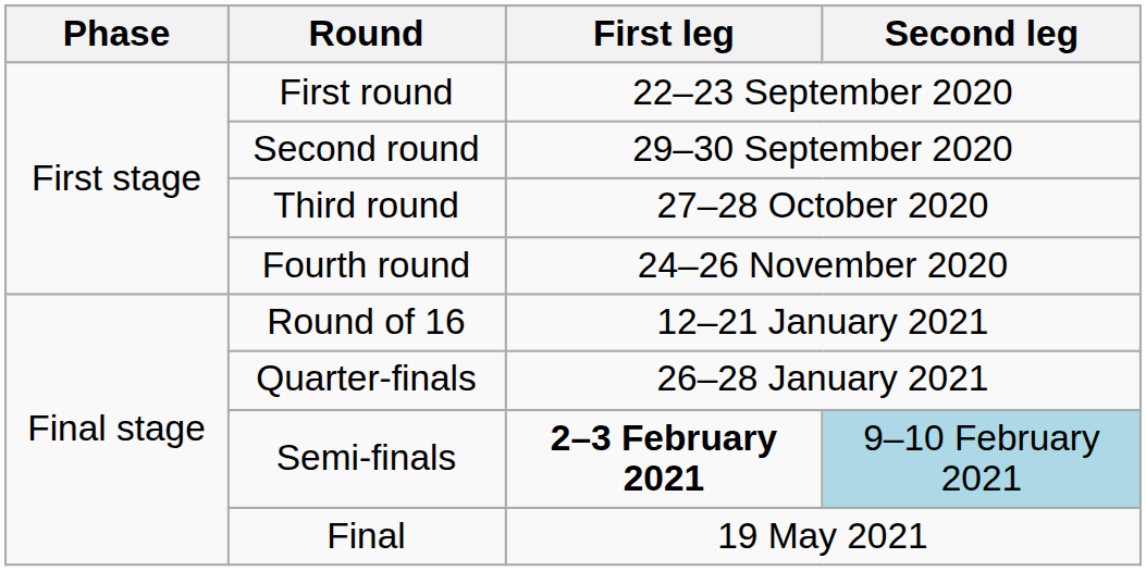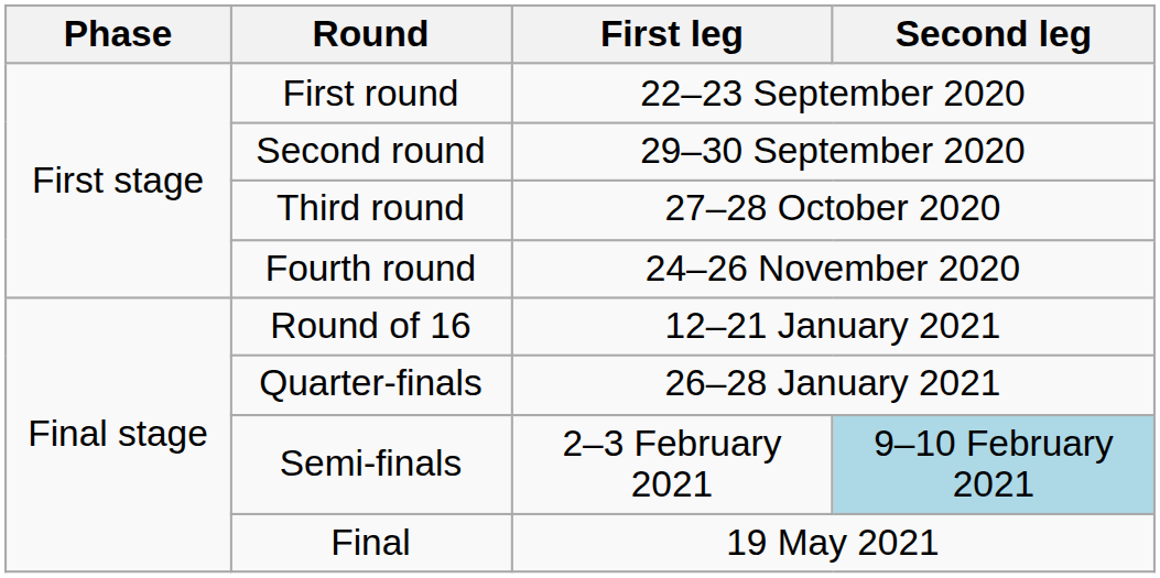 <table class="wikitable" width="500px">
 <tr>
 <th>Phase</th>
 <th>Round</th>
 <th width=28%>First leg</th>
 <th width=28%>Second leg</th>
 </tr>
 <tr>
 <td rowspan=4 align=center>First stage</td>
 <td align="center">First round</td>
 <td colspan=2 align=center>22–23 September 2020</td>
 </tr>
 <tr>
 <td align=center>Second round</td>
 <td colspan=2 align=center>29–30 September 2020</td>
 </tr>
 <tr>
 <td align=center>Third round</td>
 <td colspan=2 align=center>27–28 October 2020</td>
 </tr>
 <tr>
 <td align="center">Fourth round</td>
 <td colspan=2 align=center>24–26 November 2020</td>
 </tr>
 <tr>
 <td rowspan=4 align=center>Final stage</td>
 <td align=center>Round of 16</td>
 <td colspan=2 align=center>12–21 January 2021</td>
 </tr>
 <tr>
 <td align=center>Quarter-finals</td>
 <td colspan=2 align=center>26–28 January 2021</td>
 </tr>
 <tr>
 <td align=center>Semi-finals</td>
-<td align=center><strong>2–3 February 2021</strong></td>
+<td align=center>2–3 February 2021</td>
 <td align=center style="background: lightblue;">9–10 February 2021</td>
 </tr>
 <tr>
 <td align=center>Final</td>
 <td colspan=2 align=center>19 May 2021</td>
 </tr>
 </table>
